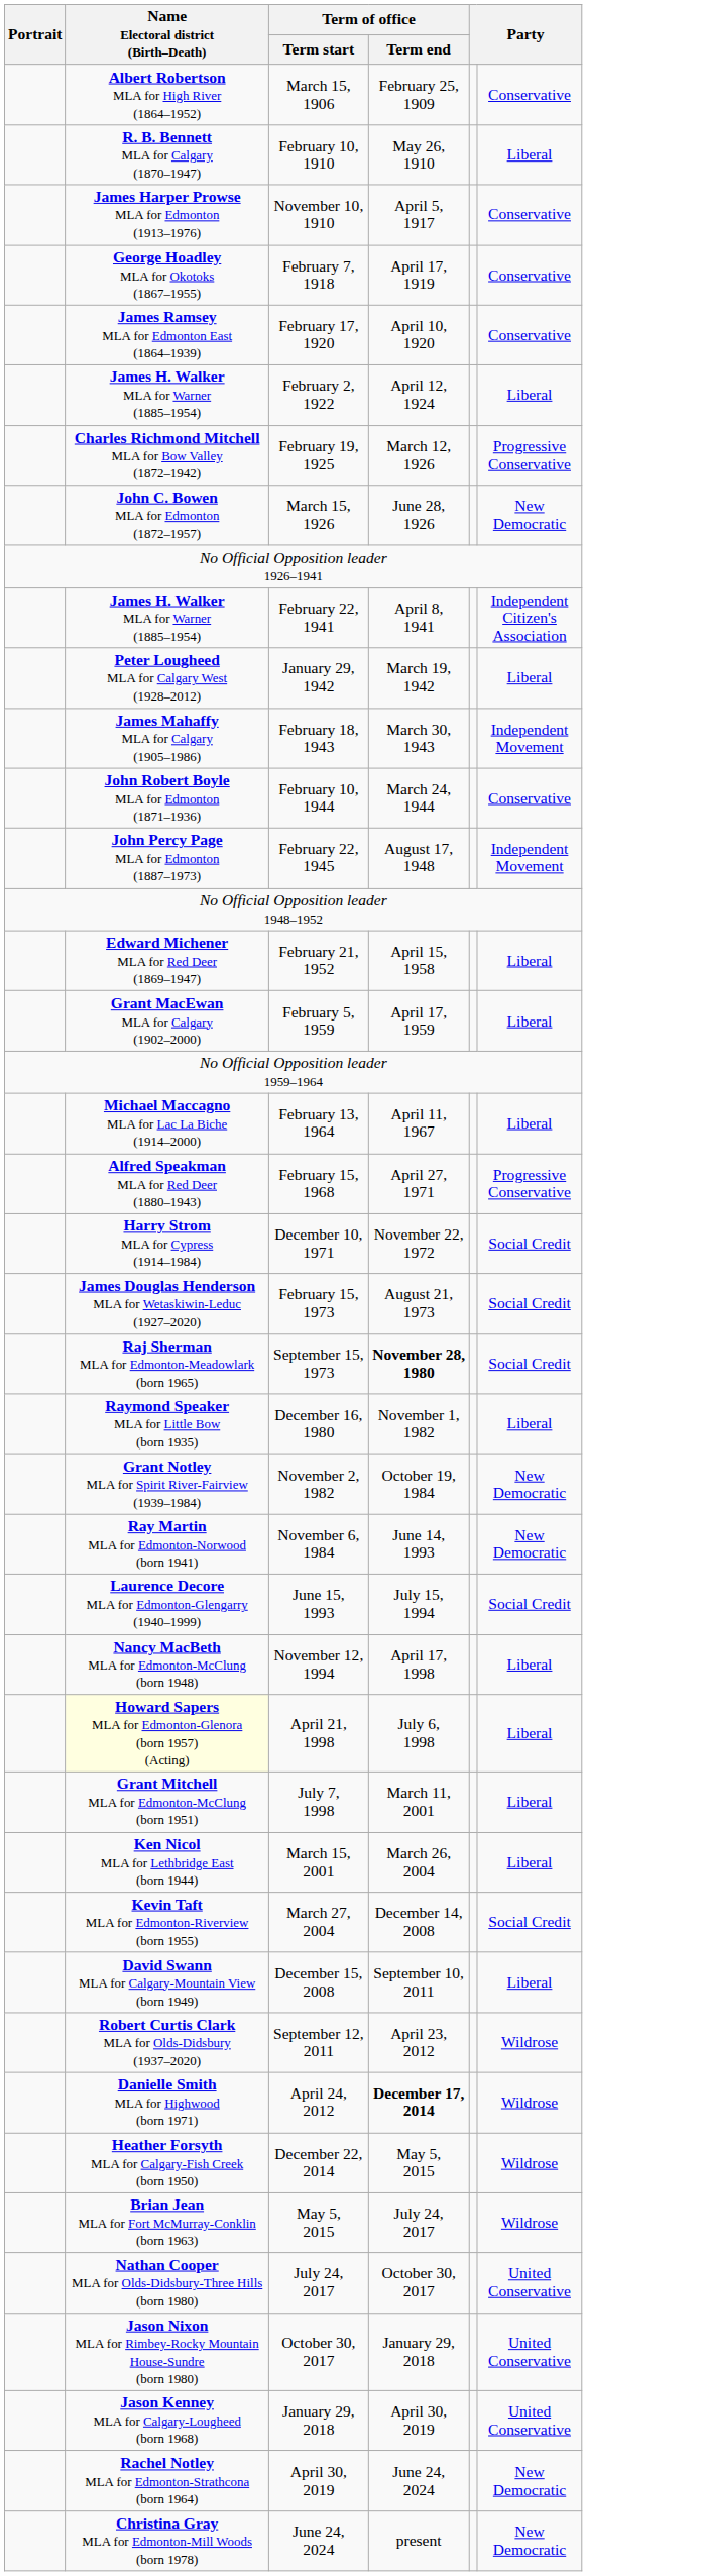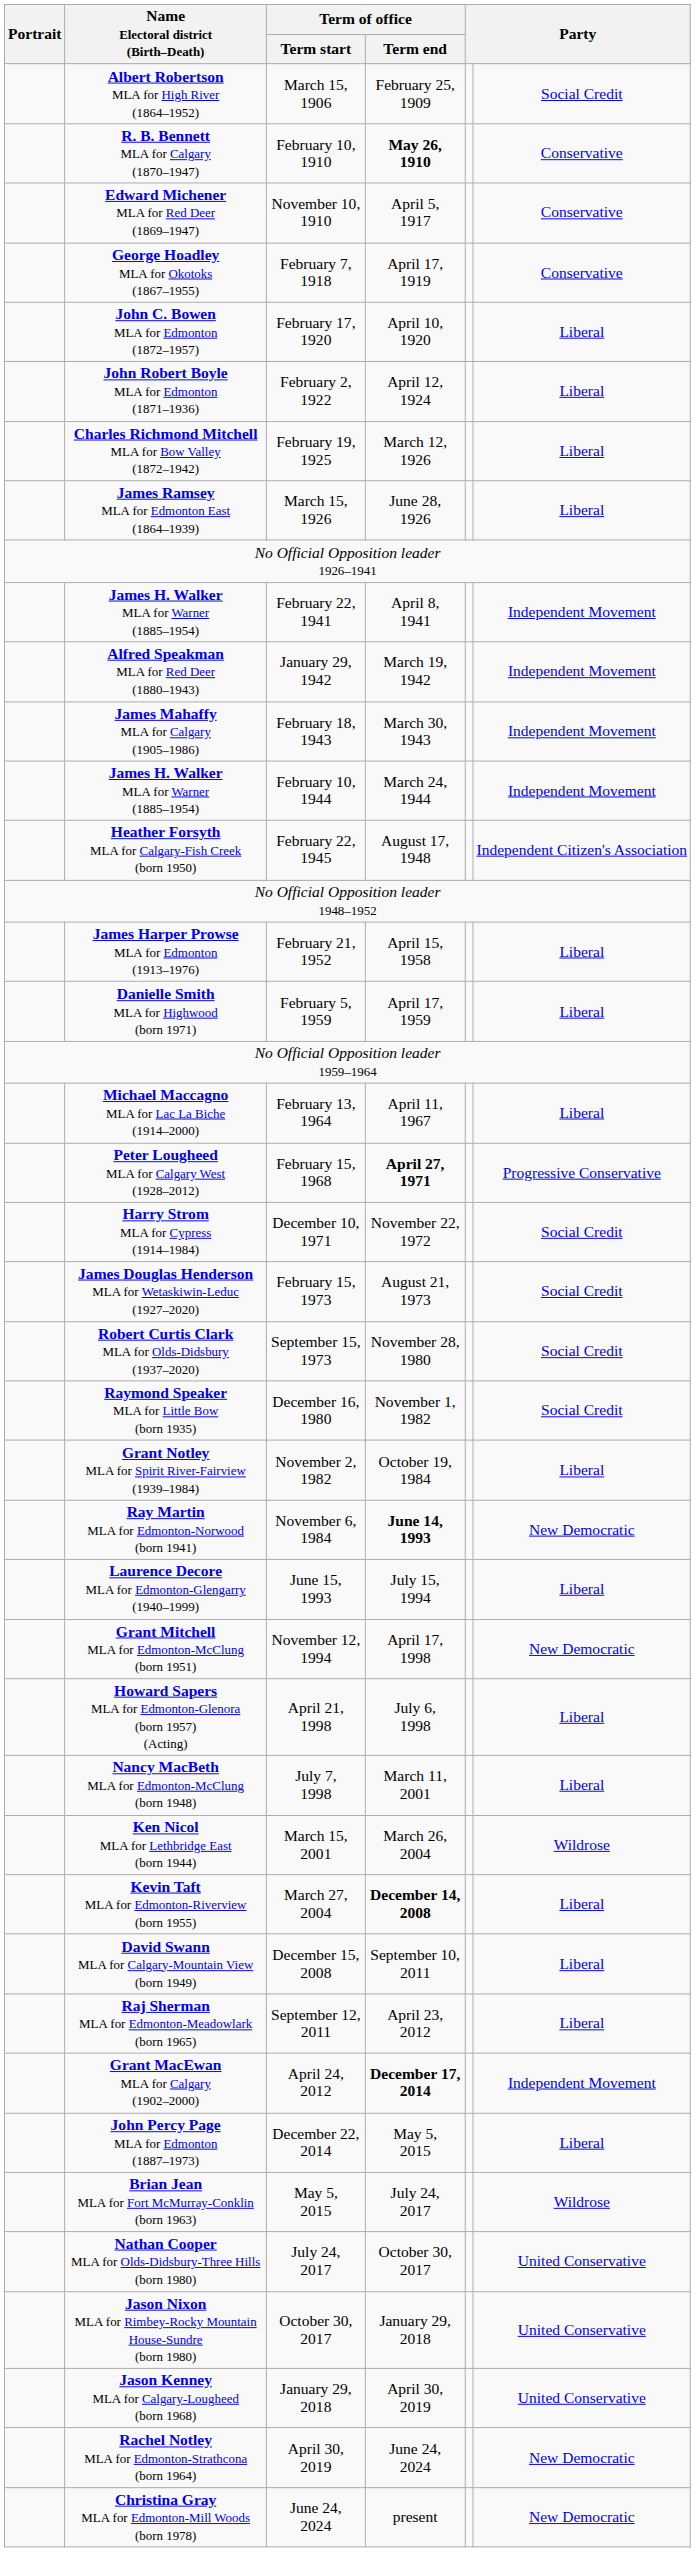 <table class="wikitable" style="text-align:center">
 <tr>
 <th rowspan="2" scope="col">Portrait</th>
 <th rowspan="2" scope="col" width="200px">Name<br><small>Electoral district<br>(Birth–Death)</small></th>
 <th colspan="2" scope="col" width="100px">Term of office</th>
 <th colspan="2" rowspan="2">Party</th>
 </tr>
 <tr>
 <th width="95px">Term start</th>
 <th width="95px">Term end</th>
 </tr>
 <tr>
 <td></td>
 <td><strong><a href='#'>Albert Robertson</a></strong><br><small>MLA for <a href='#'>High River</a></small><br><small>(1864–1952)</small></td>
 <td>March 15,<br>1906</td>
 <td>February 25,<br>1909</td>
 <td style="width:1px; background:"></td>
-<td width="100px"><a href='#'>Conservative</a></td>
+<td><a href='#'>Social Credit</a></td>
 </tr>
 <tr>
 <td></td>
 <td><strong><a href='#'>R. B. Bennett</a></strong><br><small>MLA for <a href='#'>Calgary</a></small><br><small>(1870–1947)</small></td>
 <td>February 10,<br>1910</td>
-<td>May 26,<br>1910</td>
+<td><strong>May 26,<br>1910</strong></td>
 <td style="width:1px; background:"></td>
-<td><a href='#'>Liberal</a></td>
+<td><a href='#'>Conservative</a></td>
 </tr>
 <tr>
 <td></td>
-<td><strong><a href='#'>James Harper Prowse</a></strong><br><small>MLA for <a href='#'>Edmonton</a></small><br><small>(1913–1976)</small></td>
+<td><strong><a href='#'>Edward Michener</a></strong><br><small>MLA for <a href='#'>Red Deer</a></small><br><small>(1869–1947)</small></td>
 <td>November 10,<br>1910</td>
 <td>April 5,<br>1917</td>
 <td style="width:1px; background:"></td>
 <td><a href='#'>Conservative</a></td>
 </tr>
 <tr>
 <td></td>
 <td><a href='#'><strong>George Hoadley</strong></a><br><small>MLA for <a href='#'>Okotoks</a></small><br><small>(1867–1955)</small></td>
 <td>February 7,<br>1918</td>
 <td>April 17,<br>1919</td>
 <td style="width:1px; background:"></td>
 <td><a href='#'>Conservative</a></td>
 </tr>
 <tr>
 <td></td>
-<td><a href='#'><strong>James Ramsey</strong></a><br><small>MLA for <a href='#'>Edmonton East</a></small><br><small>(1864–1939)</small></td>
+<td><strong><a href='#'>John C. Bowen</a></strong><br><small>MLA for <a href='#'>Edmonton</a></small><br><small>(1872–1957)</small></td>
 <td>February 17,<br>1920</td>
 <td>April 10,<br>1920</td>
 <td style="width:1px; background:"></td>
-<td><a href='#'>Conservative</a></td>
+<td><a href='#'>Liberal</a></td>
 </tr>
 <tr>
 <td></td>
-<td><strong><a href='#'>James H. Walker</a></strong><br><small>MLA for <a href='#'>Warner</a></small><br><small>(1885–1954)</small></td>
+<td><strong><a href='#'>John Robert Boyle</a></strong><br><small>MLA for <a href='#'>Edmonton</a></small><br><small>(1871–1936)</small></td>
 <td>February 2,<br>1922</td>
 <td>April 12,<br>1924</td>
 <td style="width:1px; background:"></td>
 <td><a href='#'>Liberal</a></td>
 </tr>
 <tr>
 <td></td>
 <td><strong><a href='#'>Charles Richmond Mitchell</a></strong><br><small>MLA for <a href='#'>Bow Valley</a></small><br><small>(1872–1942)</small></td>
 <td>February 19,<br>1925</td>
 <td>March 12,<br>1926</td>
 <td style="width:1px; background:"></td>
-<td><a href='#'>Progressive Conservative</a></td>
+<td><a href='#'>Liberal</a></td>
 </tr>
 <tr>
 <td></td>
-<td><strong><a href='#'>John C. Bowen</a></strong><br><small>MLA for <a href='#'>Edmonton</a></small><br><small>(1872–1957)</small></td>
+<td><a href='#'><strong>James Ramsey</strong></a><br><small>MLA for <a href='#'>Edmonton East</a></small><br><small>(1864–1939)</small></td>
 <td>March 15,<br>1926</td>
 <td>June 28,<br>1926</td>
 <td style="width:1px; background:"></td>
-<td><a href='#'>New Democratic</a></td>
+<td><a href='#'>Liberal</a></td>
 </tr>
 <tr>
 <td colspan="7"><em>No Official Opposition leader</em><br><small>1926</small><small>–19</small><small>41</small></td>
 </tr>
 <tr>
 <td></td>
 <td><strong><a href='#'>James H. Walker</a></strong><br><small>MLA for <a href='#'>Warner</a></small><br><small>(1885–1954)</small></td>
 <td>February 22,<br>1941</td>
 <td>April 8,<br>1941</td>
 <td style="width:1px; background:"></td>
-<td><a href='#'>Independent Citizen's Association</a></td>
+<td><a href='#'>Independent Movement</a></td>
 </tr>
 <tr>
 <td></td>
-<td><strong><a href='#'>Peter Lougheed</a></strong><br><small>MLA for <a href='#'>Calgary West</a></small><br><small>(1928–2012)</small></td>
+<td><strong><a href='#'>Alfred Speakman</a></strong><br><small>MLA for <a href='#'>Red Deer</a></small><br><small>(1880–1943)</small></td>
 <td>January 29,<br>1942</td>
 <td>March 19,<br>1942</td>
 <td style="width:1px; background:"></td>
-<td><a href='#'>Liberal</a></td>
+<td><a href='#'>Independent Movement</a></td>
 </tr>
 <tr>
 <td></td>
 <td><strong><a href='#'>James Mahaffy</a></strong><br><small>MLA for <a href='#'>Calgary</a></small><br><small>(1905–1986)</small></td>
 <td>February 18,<br>1943</td>
 <td>March 30,<br>1943</td>
 <td style="width:1px; background:"></td>
 <td><a href='#'>Independent Movement</a></td>
 </tr>
 <tr>
 <td></td>
-<td><strong><a href='#'>John Robert Boyle</a></strong><br><small>MLA for <a href='#'>Edmonton</a></small><br><small>(1871–1936)</small></td>
+<td><strong><a href='#'>James H. Walker</a></strong><br><small>MLA for <a href='#'>Warner</a></small><br><small>(1885–1954)</small></td>
 <td>February 10,<br>1944</td>
 <td>March 24,<br>1944</td>
 <td style="width:1px; background:"></td>
-<td><a href='#'>Conservative</a></td>
+<td><a href='#'>Independent Movement</a></td>
 </tr>
 <tr>
 <td></td>
-<td><strong><a href='#'>John Percy Page</a></strong><br><small>MLA for <a href='#'>Edmonton</a></small><br><small>(1887–1973)</small></td>
+<td><strong><a href='#'>Heather Forsyth</a></strong><br><small>MLA for <a href='#'>Calgary-Fish Creek</a></small><br><small>(born 1950)</small></td>
 <td>February 22,<br>1945</td>
 <td>August 17,<br>1948</td>
 <td style="width:1px; background:"></td>
-<td><a href='#'>Independent Movement</a></td>
+<td><a href='#'>Independent Citizen's Association</a></td>
 </tr>
 <tr>
 <td colspan="7"><em>No Official Opposition leader</em><br><small>1948</small><small>–19</small><small>52</small></td>
 </tr>
 <tr>
 <td></td>
-<td><strong><a href='#'>Edward Michener</a></strong><br><small>MLA for <a href='#'>Red Deer</a></small><br><small>(1869–1947)</small></td>
+<td><strong><a href='#'>James Harper Prowse</a></strong><br><small>MLA for <a href='#'>Edmonton</a></small><br><small>(1913–1976)</small></td>
 <td>February 21,<br>1952</td>
 <td>April 15,<br>1958</td>
 <td style="width:1px; background:"></td>
 <td><a href='#'>Liberal</a></td>
 </tr>
 <tr>
 <td></td>
-<td><strong><a href='#'>Grant MacEwan</a></strong><br><small>MLA for <a href='#'>Calgary</a></small><br><small>(1902–2000)</small></td>
+<td><strong><a href='#'>Danielle Smith</a></strong><br><small>MLA for <a href='#'>Highwood</a></small><br><small>(born 1971)</small></td>
 <td>February 5,<br>1959</td>
 <td>April 17,<br>1959</td>
 <td style="width:1px; background:"></td>
 <td><a href='#'>Liberal</a></td>
 </tr>
 <tr>
 <td colspan="7"><em>No Official Opposition leader</em><br><small>1959</small><small>–19</small><small>64</small></td>
 </tr>
 <tr>
 <td></td>
 <td><strong><a href='#'>Michael Maccagno</a></strong><br><small>MLA for <a href='#'>Lac La Biche</a></small><br><small>(1914–2000)</small></td>
 <td>February 13,<br>1964</td>
 <td>April 11,<br>1967</td>
 <td style="width:1px; background:"></td>
 <td><a href='#'>Liberal</a></td>
 </tr>
 <tr>
 <td></td>
-<td><strong><a href='#'>Alfred Speakman</a></strong><br><small>MLA for <a href='#'>Red Deer</a></small><br><small>(1880–1943)</small></td>
+<td><strong><a href='#'>Peter Lougheed</a></strong><br><small>MLA for <a href='#'>Calgary West</a></small><br><small>(1928–2012)</small></td>
 <td>February 15,<br>1968</td>
-<td>April 27,<br>1971</td>
+<td><strong>April 27,<br>1971</strong></td>
 <td style="width:1px; background:"></td>
 <td><a href='#'>Progressive Conservative</a></td>
 </tr>
 <tr>
 <td></td>
 <td><strong><a href='#'>Harry Strom</a></strong><br><small>MLA for <a href='#'>Cypress</a></small><br><small>(1914–1984)</small></td>
 <td>December 10,<br>1971</td>
 <td>November 22,<br>1972</td>
 <td style="width:1px; background:"></td>
 <td><a href='#'>Social Credit</a></td>
 </tr>
 <tr>
 <td></td>
 <td><strong><a href='#'>James Douglas Henderson</a></strong><br><small>MLA for <a href='#'>Wetaskiwin-Leduc</a></small><br><small>(1927–2020)</small></td>
 <td>February 15,<br>1973</td>
 <td>August 21,<br>1973</td>
 <td style="width:1px; background:"></td>
 <td><a href='#'>Social Credit</a></td>
 </tr>
 <tr>
 <td></td>
-<td><strong><a href='#'>Raj Sherman</a></strong><br><small>MLA for <a href='#'>Edmonton-Meadowlark</a></small><br><small>(born 1965)</small></td>
+<td><strong><a href='#'>Robert Curtis Clark</a></strong><br><small>MLA for <a href='#'>Olds-Didsbury</a></small><br><small>(1937–2020)</small></td>
 <td>September 15,<br>1973</td>
-<td><strong>November 28,<br>1980</strong></td>
+<td>November 28,<br>1980</td>
 <td style="width:1px; background:"></td>
 <td><a href='#'>Social Credit</a></td>
 </tr>
 <tr>
 <td></td>
 <td><strong><a href='#'>Raymond Speaker</a></strong><br><small>MLA for <a href='#'>Little Bow</a></small><br><small>(born 1935)</small></td>
 <td>December 16,<br>1980</td>
 <td>November 1,<br>1982</td>
 <td style="width:1px; background:"></td>
-<td><a href='#'>Liberal</a></td>
+<td><a href='#'>Social Credit</a></td>
 </tr>
 <tr>
 <td></td>
 <td><strong><a href='#'>Grant Notley</a></strong><br><small>MLA for <a href='#'>Spirit River-Fairview</a></small><br><small>(1939–1984)</small></td>
 <td>November 2,<br>1982</td>
 <td>October 19,<br>1984</td>
 <td style="width:1px; background:"></td>
-<td><a href='#'>New Democratic</a></td>
+<td><a href='#'>Liberal</a></td>
 </tr>
 <tr>
 <td></td>
 <td><a href='#'><strong>Ray Martin</strong></a><br><small>MLA for <a href='#'>Edmonton-Norwood</a></small><br><small>(born 1941)</small></td>
 <td>November 6,<br>1984</td>
-<td>June 14,<br>1993</td>
+<td><strong>June 14,<br>1993</strong></td>
 <td style="width:1px; background:"></td>
 <td><a href='#'>New Democratic</a></td>
 </tr>
 <tr>
 <td></td>
 <td><strong><a href='#'>Laurence Decore</a></strong><br><small>MLA for <a href='#'>Edmonton-Glengarry</a></small><br><small>(1940–1999)</small></td>
 <td>June 15,<br>1993</td>
 <td>July 15,<br>1994</td>
 <td style="width:1px; background:"></td>
-<td><a href='#'>Social Credit</a></td>
-</tr>
-<tr>
-<td></td>
-<td><strong><a href='#'>Nancy MacBeth</a></strong><br><small>MLA for <a href='#'>Edmonton-McClung</a></small><br><small>(born 1948)</small></td>
-<td>November 12,<br>1994</td>
-<td>April 17,<br>1998</td>
-<td style="width:1px; background:"></td>
 <td><a href='#'>Liberal</a></td>
 </tr>
 <tr>
 <td></td>
-<td style="background: lightyellow;"><strong><a href='#'>Howard Sapers</a></strong><br><small>MLA for <a href='#'>Edmonton-Glenora</a></small><br><small>(born 1957)<br>(Acting)</small></td>
+<td><a href='#'><strong>Grant Mitchell</strong></a><br><small>MLA for <a href='#'>Edmonton-McClung</a></small><br><small>(born 1951)</small></td>
+<td>November 12,<br>1994</td>
+<td>April 17,<br>1998</td>
+<td style="width:1px; background:"></td>
+<td><a href='#'>New Democratic</a></td>
+</tr>
+<tr>
+<td></td>
+<td><strong><a href='#'>Howard Sapers</a></strong><br><small>MLA for <a href='#'>Edmonton-Glenora</a></small><br><small>(born 1957)<br>(Acting)</small></td>
 <td>April 21,<br>1998</td>
 <td>July 6,<br>1998</td>
 <td style="width:1px; background:"></td>
 <td><a href='#'>Liberal</a></td>
 </tr>
 <tr>
 <td></td>
-<td><a href='#'><strong>Grant Mitchell</strong></a><br><small>MLA for <a href='#'>Edmonton-McClung</a></small><br><small>(born 1951)</small></td>
+<td><strong><a href='#'>Nancy MacBeth</a></strong><br><small>MLA for <a href='#'>Edmonton-McClung</a></small><br><small>(born 1948)</small></td>
 <td>July 7,<br>1998</td>
 <td>March 11,<br>2001</td>
 <td style="width:1px; background:"></td>
 <td><a href='#'>Liberal</a></td>
 </tr>
 <tr>
 <td></td>
 <td><a href='#'><strong>Ken Nicol</strong></a><br><small>MLA for <a href='#'>Lethbridge East</a></small><br><small>(born 1944)</small></td>
 <td>March 15,<br>2001</td>
 <td>March 26,<br>2004</td>
 <td style="width:1px; background:"></td>
-<td><a href='#'>Liberal</a></td>
+<td><a href='#'>Wildrose</a></td>
 </tr>
 <tr>
 <td></td>
 <td><strong><a href='#'>Kevin Taft</a></strong><br><small>MLA for <a href='#'>Edmonton-Riverview</a></small><br><small>(born 1955)</small></td>
 <td>March 27,<br>2004</td>
-<td>December 14,<br>2008</td>
+<td><strong>December 14,<br>2008</strong></td>
 <td style="width:1px; background:"></td>
-<td><a href='#'>Social Credit</a></td>
+<td><a href='#'>Liberal</a></td>
 </tr>
 <tr>
 <td></td>
 <td><strong><a href='#'>David Swann</a></strong><br><small>MLA for <a href='#'>Calgary-Mountain View</a></small><br><small>(born 1949)</small></td>
 <td>December 15,<br>2008</td>
 <td>September 10,<br>2011</td>
 <td style="width:1px; background:"></td>
 <td><a href='#'>Liberal</a></td>
 </tr>
 <tr>
 <td></td>
-<td><strong><a href='#'>Robert Curtis Clark</a></strong><br><small>MLA for <a href='#'>Olds-Didsbury</a></small><br><small>(1937–2020)</small></td>
+<td><strong><a href='#'>Raj Sherman</a></strong><br><small>MLA for <a href='#'>Edmonton-Meadowlark</a></small><br><small>(born 1965)</small></td>
 <td>September 12,<br>2011</td>
 <td>April 23,<br>2012</td>
 <td style="width:1px; background:"></td>
-<td><a href='#'>Wildrose</a></td>
+<td><a href='#'>Liberal</a></td>
 </tr>
 <tr>
 <td></td>
-<td><strong><a href='#'>Danielle Smith</a></strong><br><small>MLA for <a href='#'>Highwood</a></small><br><small>(born 1971)</small></td>
+<td><strong><a href='#'>Grant MacEwan</a></strong><br><small>MLA for <a href='#'>Calgary</a></small><br><small>(1902–2000)</small></td>
 <td>April 24,<br>2012</td>
 <td><strong>December 17,<br>2014</strong></td>
 <td style="width:1px; background:"></td>
-<td><a href='#'>Wildrose</a></td>
+<td><a href='#'>Independent Movement</a></td>
 </tr>
 <tr>
 <td></td>
-<td><strong><a href='#'>Heather Forsyth</a></strong><br><small>MLA for <a href='#'>Calgary-Fish Creek</a></small><br><small>(born 1950)</small></td>
+<td><strong><a href='#'>John Percy Page</a></strong><br><small>MLA for <a href='#'>Edmonton</a></small><br><small>(1887–1973)</small></td>
 <td>December 22,<br>2014</td>
 <td>May 5,<br>2015</td>
 <td style="width:1px; background:"></td>
-<td><a href='#'>Wildrose</a></td>
+<td><a href='#'>Liberal</a></td>
 </tr>
 <tr>
 <td></td>
 <td><strong><a href='#'>Brian Jean</a></strong><br><small>MLA for <a href='#'>Fort McMurray-Conklin</a></small><br><small>(born 1963)</small></td>
 <td>May 5,<br>2015</td>
 <td>July 24,<br>2017</td>
 <td style="width:1px; background:"></td>
 <td><a href='#'>Wildrose</a></td>
 </tr>
 <tr>
 <td></td>
 <td><a href='#'><strong>Nathan Cooper</strong></a><br><small>MLA for <a href='#'>Olds-Didsbury-Three Hills</a></small><br><small>(born 1980)</small></td>
 <td>July 24,<br>2017</td>
 <td>October 30,<br>2017</td>
 <td style="width:1px; background:"></td>
 <td><a href='#'>United Conservative</a></td>
 </tr>
 <tr>
 <td></td>
 <td><strong><a href='#'>Jason Nixon</a></strong><br><small>MLA for <a href='#'>Rimbey-Rocky Mountain House-Sundre</a></small><br><small>(born 1980)</small></td>
 <td>October 30,<br>2017</td>
 <td>January 29,<br>2018</td>
 <td style="width:1px; background:"></td>
 <td><a href='#'>United Conservative</a></td>
 </tr>
 <tr>
 <td></td>
 <td><strong><a href='#'>Jason Kenney</a></strong><br><small>MLA for <a href='#'>Calgary-Lougheed</a></small><br><small>(born 1968)</small></td>
 <td>January 29,<br>2018</td>
 <td>April 30,<br>2019</td>
 <td style="width:1px; background:"></td>
 <td><a href='#'>United Conservative</a></td>
 </tr>
 <tr>
 <td></td>
 <td><strong><a href='#'>Rachel Notley</a></strong><br><small>MLA for <a href='#'>Edmonton-Strathcona</a></small><br><small>(born 1964)</small></td>
 <td>April 30,<br>2019</td>
 <td>June 24,<br>2024</td>
 <td style="width:1px; background:"></td>
 <td><a href='#'>New Democratic</a></td>
 </tr>
 <tr>
 <td></td>
 <td><strong><a href='#'>Christina Gray</a></strong><br><small>MLA for <a href='#'>Edmonton-Mill Woods</a></small><br><small>(born 1978)</small></td>
 <td>June 24,<br>2024</td>
 <td>present</td>
 <td style="width:1px; background:"></td>
 <td><a href='#'>New Democratic</a></td>
 </tr>
 </table>
